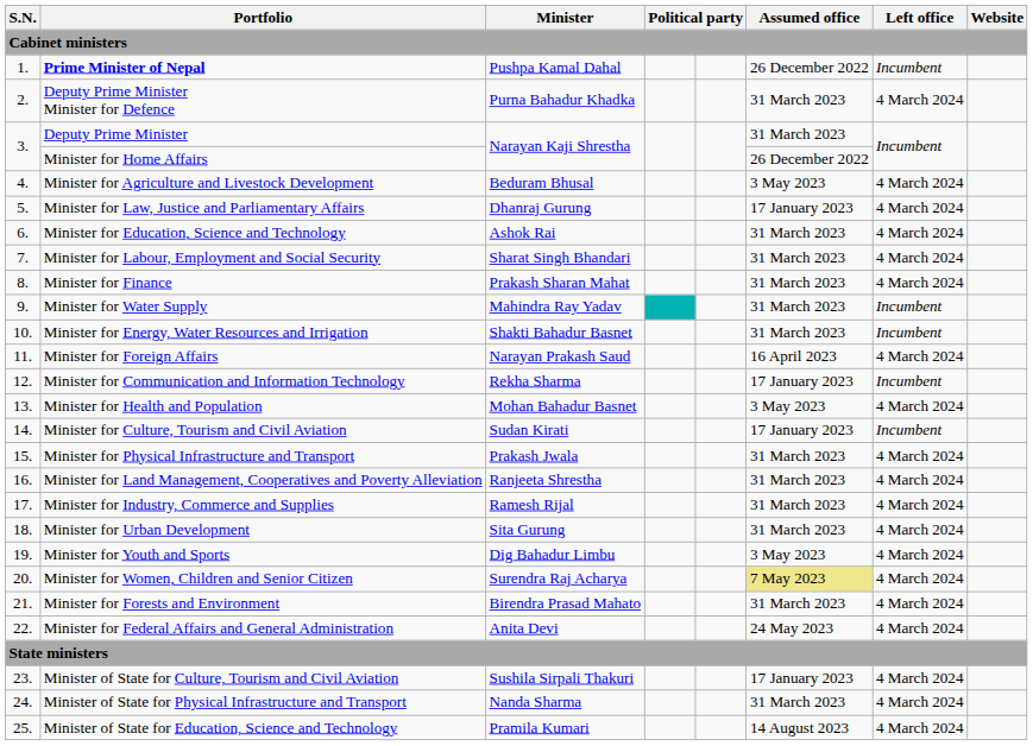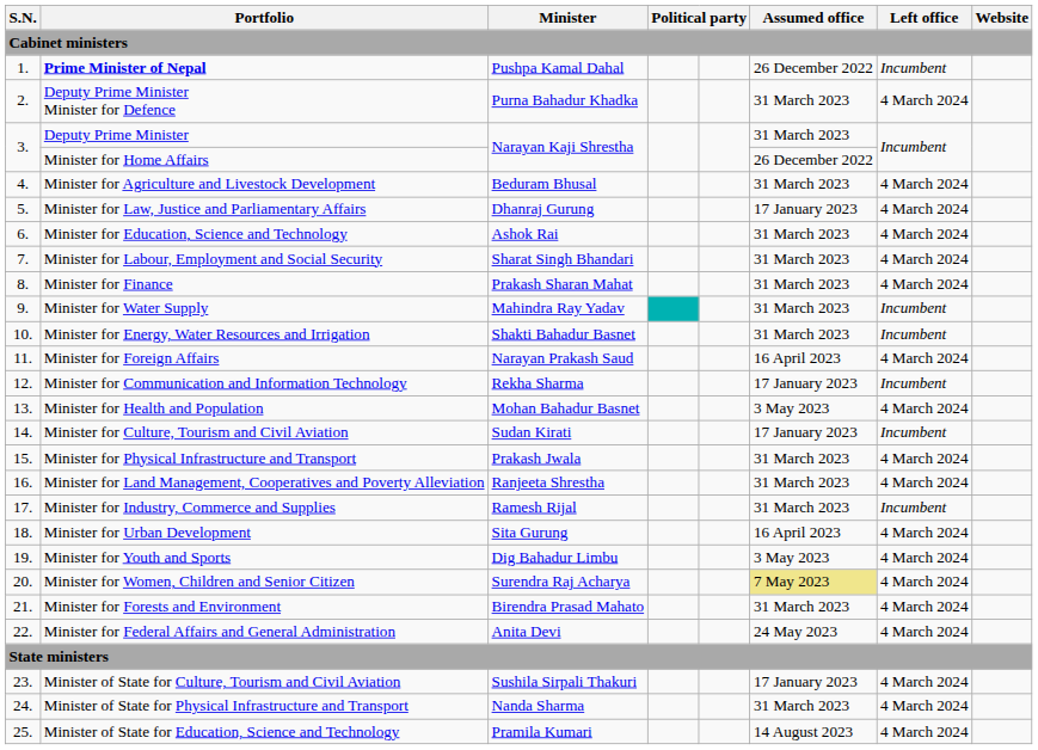 <table class="wikitable mw-collapsible mw-collapsed">
 <tr>
 <th>S.N.</th>
 <th>Portfolio</th>
 <th>Minister</th>
 <th colspan="2">Political party</th>
 <th>Assumed office</th>
 <th>Left office</th>
 <th>Website</th>
 </tr>
 <tr>
 <td colspan="8" bgcolor="darkgrey"><strong>Cabinet ministers</strong></td>
 </tr>
 <tr>
 <td style="text-align:center;">1.</td>
 <td><strong><a href='#'>Prime Minister of Nepal</a></strong></td>
 <td><a href='#'>Pushpa Kamal Dahal</a></td>
 <td></td>
 <td></td>
 <td>26 December 2022</td>
 <td><em>Incumbent</em></td>
 <td></td>
 </tr>
 <tr>
 <td style="text-align:center;">2.</td>
 <td><a href='#'>Deputy Prime Minister</a><br>Minister for <a href='#'>Defence</a></td>
 <td><a href='#'>Purna Bahadur Khadka</a></td>
 <td></td>
 <td></td>
 <td>31 March 2023</td>
 <td>4 March 2024</td>
 <td></td>
 </tr>
 <tr>
 <td rowspan="2" style="text-align:center;">3.</td>
 <td><a href='#'>Deputy Prime Minister</a></td>
 <td rowspan="2"><a href='#'>Narayan Kaji Shrestha</a></td>
 <td rowspan="2"></td>
 <td rowspan="2"></td>
 <td>31 March 2023</td>
 <td rowspan="2"><em>Incumbent</em></td>
 <td rowspan="2"></td>
 </tr>
 <tr>
 <td>Minister for <a href='#'>Home Affairs</a></td>
 <td>26 December 2022</td>
 </tr>
 <tr>
 <td style="text-align:center;">4.</td>
 <td>Minister for <a href='#'>Agriculture and Livestock Development</a></td>
 <td><a href='#'>Beduram Bhusal</a></td>
 <td></td>
 <td></td>
-<td>3 May 2023</td>
+<td>31 March 2023</td>
 <td>4 March 2024</td>
 <td></td>
 </tr>
 <tr>
 <td style="text-align:center;">5.</td>
 <td>Minister for <a href='#'>Law, Justice and Parliamentary Affairs</a></td>
 <td><a href='#'>Dhanraj Gurung</a></td>
 <td></td>
 <td></td>
 <td>17 January 2023</td>
 <td>4 March 2024</td>
 <td></td>
 </tr>
 <tr>
 <td style="text-align:center;">6.</td>
 <td>Minister for <a href='#'>Education, Science and Technology</a></td>
 <td><a href='#'>Ashok Rai</a></td>
 <td></td>
 <td></td>
 <td>31 March 2023</td>
 <td>4 March 2024</td>
 <td> </td>
 </tr>
 <tr>
 <td style="text-align:center;">7.</td>
 <td>Minister for <a href='#'>Labour, Employment and Social Security</a></td>
 <td><a href='#'>Sharat Singh Bhandari</a></td>
 <td></td>
 <td></td>
 <td>31 March 2023</td>
 <td>4 March 2024</td>
 <td></td>
 </tr>
 <tr>
 <td style="text-align:center;">8.</td>
 <td>Minister for <a href='#'>Finance</a></td>
 <td><a href='#'>Prakash Sharan Mahat</a></td>
 <td></td>
 <td></td>
 <td>31 March 2023</td>
 <td>4 March 2024</td>
 <td></td>
 </tr>
 <tr>
 <td style="text-align:center;">9.</td>
 <td>Minister for <a href='#'>Water Supply</a></td>
 <td><a href='#'>Mahindra Ray Yadav</a></td>
 <td bgcolor="#00B2B2"></td>
 <td></td>
 <td>31 March 2023</td>
 <td><em>Incumbent</em></td>
 <td></td>
 </tr>
 <tr>
 <td style="text-align:center;">10.</td>
 <td>Minister for <a href='#'>Energy, Water Resources and Irrigation</a></td>
 <td><a href='#'>Shakti Bahadur Basnet</a></td>
 <td></td>
 <td></td>
 <td>31 March 2023</td>
 <td><em>Incumbent</em></td>
 <td> </td>
 </tr>
 <tr>
 <td style="text-align:center;">11.</td>
 <td>Minister for <a href='#'>Foreign Affairs</a></td>
 <td><a href='#'>Narayan Prakash Saud</a></td>
 <td></td>
 <td></td>
 <td>16 April 2023</td>
 <td>4 March 2024</td>
 <td></td>
 </tr>
 <tr>
 <td style="text-align:center;">12.</td>
 <td>Minister for <a href='#'>Communication and Information Technology</a></td>
 <td><a href='#'>Rekha Sharma</a></td>
 <td></td>
 <td></td>
 <td>17 January 2023</td>
 <td><em>Incumbent</em></td>
 <td></td>
 </tr>
 <tr>
 <td style="text-align:center;">13.</td>
 <td>Minister for <a href='#'>Health and Population</a></td>
 <td><a href='#'>Mohan Bahadur Basnet</a></td>
 <td></td>
 <td></td>
 <td>3 May 2023</td>
 <td>4 March 2024</td>
 <td> </td>
 </tr>
 <tr>
 <td style="text-align:center;">14.</td>
 <td>Minister for <a href='#'>Culture, Tourism and Civil Aviation</a></td>
 <td><a href='#'>Sudan Kirati</a></td>
 <td></td>
 <td></td>
 <td>17 January 2023</td>
 <td><em>Incumbent</em></td>
 <td></td>
 </tr>
 <tr>
 <td style="text-align:center;">15.</td>
 <td>Minister for <a href='#'>Physical Infrastructure and Transport</a></td>
 <td><a href='#'>Prakash Jwala</a></td>
 <td></td>
 <td></td>
 <td>31 March 2023</td>
 <td>4 March 2024</td>
 <td></td>
 </tr>
 <tr>
 <td style="text-align:center;">16.</td>
 <td>Minister for <a href='#'>Land Management, Cooperatives and Poverty Alleviation</a></td>
 <td><a href='#'>Ranjeeta Shrestha</a></td>
 <td></td>
 <td></td>
 <td>31 March 2023</td>
 <td>4 March 2024</td>
 <td></td>
 </tr>
 <tr>
 <td style="text-align:center;">17.</td>
 <td>Minister for <a href='#'>Industry, Commerce and Supplies</a></td>
 <td><a href='#'>Ramesh Rijal</a></td>
 <td></td>
 <td></td>
 <td>31 March 2023</td>
-<td>4 March 2024</td>
+<td><em>Incumbent</em></td>
 <td></td>
 </tr>
 <tr>
 <td style="text-align:center;">18.</td>
 <td>Minister for <a href='#'>Urban Development</a></td>
 <td><a href='#'>Sita Gurung</a></td>
 <td></td>
 <td></td>
-<td>31 March 2023</td>
+<td>16 April 2023</td>
 <td>4 March 2024</td>
 <td></td>
 </tr>
 <tr>
 <td style="text-align:center;">19.</td>
 <td>Minister for <a href='#'>Youth and Sports</a></td>
 <td><a href='#'>Dig Bahadur Limbu</a></td>
 <td></td>
 <td></td>
 <td>3 May 2023</td>
 <td>4 March 2024</td>
 <td></td>
 </tr>
 <tr>
 <td style="text-align:center;">20.</td>
 <td>Minister for <a href='#'>Women, Children and Senior Citizen</a></td>
 <td><a href='#'>Surendra Raj Acharya</a></td>
 <td></td>
 <td></td>
 <td style="background: khaki;">7 May 2023</td>
 <td>4 March 2024</td>
 <td></td>
 </tr>
 <tr>
 <td style="text-align:center;">21.</td>
 <td>Minister for <a href='#'>Forests and Environment</a></td>
 <td><a href='#'>Birendra Prasad Mahato</a></td>
 <td></td>
 <td></td>
 <td>31 March 2023</td>
 <td>4 March 2024</td>
 <td></td>
 </tr>
 <tr>
 <td style="text-align:center;">22.</td>
 <td>Minister for <a href='#'>Federal Affairs and General Administration</a></td>
 <td><a href='#'>Anita Devi</a></td>
 <td></td>
 <td></td>
 <td>24 May 2023</td>
 <td>4 March 2024</td>
 <td></td>
 </tr>
 <tr>
 <td colspan="8" bgcolor="darkgrey"><strong>State ministers</strong></td>
 </tr>
 <tr>
 <td style="text-align:center;">23.</td>
 <td>Minister of State for <a href='#'>Culture, Tourism and Civil Aviation</a></td>
 <td><a href='#'>Sushila Sirpali Thakuri</a></td>
 <td></td>
 <td></td>
 <td>17 January 2023</td>
 <td>4 March 2024</td>
 <td></td>
 </tr>
 <tr>
 <td style="text-align:center;">24.</td>
 <td>Minister of State for <a href='#'>Physical Infrastructure and Transport</a></td>
 <td><a href='#'>Nanda Sharma</a></td>
 <td></td>
 <td></td>
 <td>31 March 2023</td>
 <td>4 March 2024</td>
 <td></td>
 </tr>
 <tr>
 <td style="text-align:center;">25.</td>
 <td>Minister of State for <a href='#'>Education, Science and Technology</a></td>
 <td><a href='#'>Pramila Kumari</a></td>
 <td></td>
 <td></td>
 <td>14 August 2023</td>
 <td>4 March 2024</td>
 <td> </td>
 </tr>
 </table>
